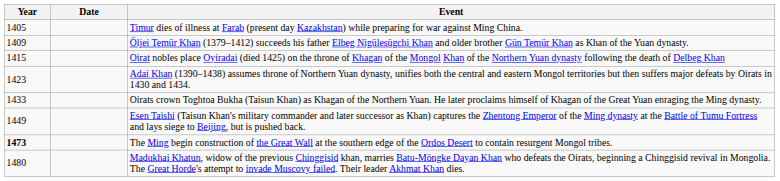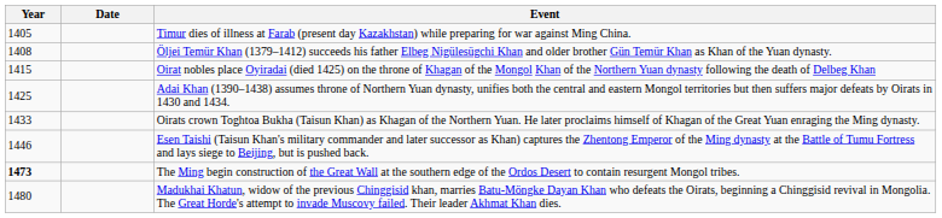 <table class="wikitable" width="100%">
 <tr>
 <th style="width:6%">Year</th>
 <th style="width:10%">Date</th>
 <th>Event</th>
 </tr>
 <tr>
 <td>1405</td>
 <td></td>
 <td><a href='#'>Timur</a> dies of illness at <a href='#'>Farab</a> (present day <a href='#'>Kazakhstan</a>) while preparing for war against Ming China.</td>
 </tr>
 <tr>
-<td>1409</td>
+<td>1408</td>
 <td></td>
 <td><a href='#'>Öljei Temür Khan</a> (1379–1412) succeeds his father <a href='#'>Elbeg Nigülesügchi Khan</a> and older brother <a href='#'>Gün Temür Khan</a> as Khan of the Yuan dynasty.</td>
 </tr>
 <tr>
 <td>1415</td>
 <td></td>
 <td><a href='#'>Oirat</a> nobles place <a href='#'>Oyiradai</a> (died 1425) on the throne of <a href='#'>Khagan</a> of the <a href='#'>Mongol</a> <a href='#'>Khan</a> of the <a href='#'>Northern Yuan dynasty</a> following the death of <a href='#'>Delbeg Khan</a></td>
 </tr>
 <tr>
-<td>1423</td>
+<td>1425</td>
 <td></td>
 <td><a href='#'>Adai Khan</a> (1390–1438) assumes throne of Northern Yuan dynasty, unifies both the central and eastern Mongol territories but then suffers major defeats by Oirats in 1430 and 1434.</td>
 </tr>
 <tr>
 <td>1433</td>
 <td></td>
 <td>Oirats crown Toghtoa Bukha (Taisun Khan) as Khagan of the Northern Yuan.  He later proclaims himself of Khagan of the Great Yuan enraging the Ming dynasty.</td>
 </tr>
 <tr>
-<td>1449</td>
+<td>1446</td>
 <td></td>
 <td><a href='#'>Esen Taishi</a> (Taisun Khan's military commander and later successor as Khan) captures the <a href='#'>Zhentong Emperor</a> of the <a href='#'>Ming dynasty</a> at the <a href='#'>Battle of Tumu Fortress</a> and lays siege to <a href='#'>Beijing</a>, but is pushed back.</td>
 </tr>
 <tr>
 <td><strong>1473</strong></td>
 <td></td>
 <td>The <a href='#'>Ming</a> begin construction of <a href='#'>the Great Wall</a> at the southern edge of the <a href='#'>Ordos Desert</a> to contain resurgent Mongol tribes.</td>
 </tr>
 <tr>
 <td>1480</td>
 <td></td>
 <td><a href='#'>Madukhai Khatun</a>, widow of the previous <a href='#'>Chinggisid</a> khan, marries <a href='#'>Batu-Möngke Dayan Khan</a> who defeats the Oirats, beginning a Chinggisid revival in Mongolia. The <a href='#'>Great Horde</a>'s attempt to <a href='#'>invade Muscovy failed</a>. Their leader <a href='#'>Akhmat Khan</a> dies.</td>
 </tr>
 </table>
